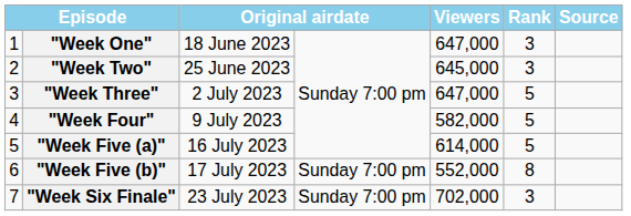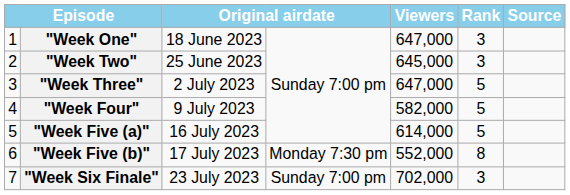 <table class="wikitable plainrowheaders" style="text-align:center; line-height:16px;">
 <tr>
 <th scope="col" style="background:#87CEEB; color:white;" colspan="2">Episode</th>
 <th colspan="2" scope="col" style="background:#87CEEB; color:white;">Original airdate</th>
 <th scope="col" style="background:#87CEEB; color:white;">Viewers</th>
 <th scope="col" style="background:#87CEEB; color:white;">Rank</th>
 <th scope="col" style="background:#87CEEB; color:white;">Source</th>
 </tr>
 <tr>
 <td>1</td>
 <th scope="row" style="text-align:center"><strong>"Week One"</strong></th>
 <td>18 June 2023</td>
 <td rowspan="5">Sunday 7:00 pm</td>
 <td>647,000</td>
 <td>3</td>
 <td></td>
 </tr>
 <tr>
 <td>2</td>
 <th scope="row" style="text-align:center"><strong>"Week Two"</strong></th>
 <td>25 June 2023</td>
 <td>645,000</td>
 <td>3</td>
 <td></td>
 </tr>
 <tr>
 <td>3</td>
 <th scope="row" style="text-align:center"><strong>"Week Three"</strong></th>
 <td>2 July 2023</td>
 <td>647,000</td>
 <td>5</td>
 <td></td>
 </tr>
 <tr>
 <td>4</td>
 <th scope="row" style="text-align:center"><strong>"Week Four"</strong></th>
 <td>9 July 2023</td>
 <td>582,000</td>
 <td>5</td>
 <td></td>
 </tr>
 <tr>
 <td>5</td>
 <th><strong>"Week Five (a)"</strong></th>
 <td>16 July 2023</td>
 <td>614,000</td>
 <td>5</td>
 <td></td>
 </tr>
 <tr>
 <td>6</td>
 <th><strong>"Week Five (b)"</strong></th>
 <td>17 July 2023</td>
-<td>Sunday 7:00 pm</td>
+<td>Monday 7:30 pm</td>
 <td>552,000</td>
 <td>8</td>
 <td></td>
 </tr>
 <tr>
 <td>7</td>
 <th><strong>"Week Six Finale"</strong></th>
 <td>23 July 2023</td>
 <td>Sunday 7:00 pm</td>
 <td>702,000</td>
 <td>3</td>
 <td></td>
 </tr>
 </table>
